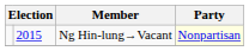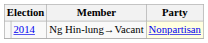 <table class="wikitable">
 <tr>
 <th colspan="2">Election</th>
 <th>Member</th>
 <th>Party</th>
 </tr>
 <tr>
 <td style="background-color:"></td>
-<td><a href='#'>2015</a></td>
+<td><a href='#'>2014</a></td>
 <td>Ng Hin-lung→Vacant</td>
 <td style="background: lightyellow;"><a href='#'>Nonpartisan</a></td>
 </tr>
 <tr>
 </tr>
 </table>
